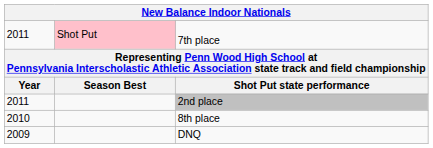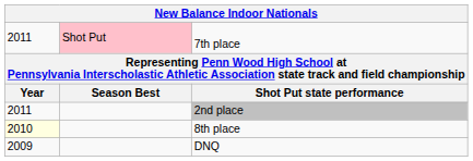 <table class="wikitable sortable">
 <tr>
 <th colspan="7"><a href='#'>New Balance Indoor Nationals</a></th>
 </tr>
 <tr>
 <td>2011</td>
 <td style="background: pink;">Shot Put</td>
 <td><br>7th place</td>
 </tr>
 <tr>
 <th colspan="7">Representing <a href='#'>Penn Wood High School</a> at<br><a href='#'>Pennsylvania Interscholastic Athletic Association</a> state track and field championship</th>
 </tr>
 <tr>
 <th>Year</th>
 <th>Season Best</th>
 <th>Shot Put state performance</th>
 </tr>
 <tr>
 <td>2011</td>
 <td></td>
 <td bgcolor=silver>2nd place<br></td>
 </tr>
 <tr>
-<td>2010</td>
+<td style="background: lightyellow;">2010</td>
 <td></td>
 <td>8th place<br></td>
 </tr>
 <tr>
 <td>2009</td>
 <td></td>
 <td>DNQ</td>
 </tr>
 </table>
